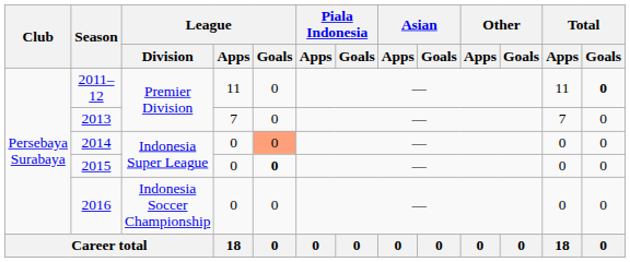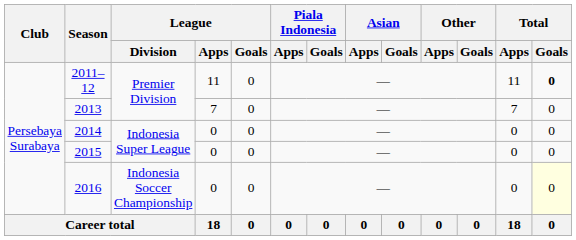 <table class="wikitable" style="text-align: center;">
 <tr>
 <th rowspan="2">Club</th>
 <th rowspan="2">Season</th>
 <th colspan="3">League</th>
 <th colspan="2"><a href='#'>Piala Indonesia</a></th>
 <th colspan="2"><a href='#'>Asian</a></th>
 <th colspan="2">Other</th>
 <th colspan="2">Total</th>
 </tr>
 <tr>
 <th>Division</th>
 <th>Apps</th>
 <th>Goals</th>
 <th>Apps</th>
 <th>Goals</th>
 <th>Apps</th>
 <th>Goals</th>
 <th>Apps</th>
 <th>Goals</th>
 <th>Apps</th>
 <th>Goals</th>
 </tr>
 <tr>
 <td rowspan=5><a href='#'>Persebaya Surabaya</a></td>
 <td><a href='#'>2011–12</a></td>
 <td rowspan=2><a href='#'>Premier Division</a></td>
 <td>11</td>
 <td>0</td>
 <td colspan=6>—</td>
 <td>11</td>
 <td><strong>0</strong></td>
 </tr>
 <tr>
 <td><a href='#'>2013</a></td>
 <td>7</td>
 <td>0</td>
 <td colspan=6>—</td>
 <td>7</td>
 <td>0</td>
 </tr>
 <tr>
 <td><a href='#'>2014</a></td>
 <td rowspan=2><a href='#'>Indonesia Super League</a></td>
 <td>0</td>
-<td style="background: lightsalmon;">0</td>
+<td>0</td>
 <td colspan=6>—</td>
 <td>0</td>
 <td>0</td>
 </tr>
 <tr>
 <td><a href='#'>2015</a></td>
 <td>0</td>
-<td><strong>0</strong></td>
+<td>0</td>
 <td colspan=6>—</td>
 <td>0</td>
 <td>0</td>
 </tr>
 <tr>
 <td><a href='#'>2016</a></td>
 <td><a href='#'>Indonesia Soccer Championship</a></td>
 <td>0</td>
 <td>0</td>
 <td colspan=6>—</td>
 <td>0</td>
-<td>0</td>
+<td style="background: lightyellow;">0</td>
 </tr>
 <tr>
 <th colspan="3">Career total</th>
 <th>18</th>
 <th>0</th>
 <th>0</th>
 <th>0</th>
 <th>0</th>
 <th>0</th>
 <th>0</th>
 <th>0</th>
 <th>18</th>
 <th>0</th>
 </tr>
 </table>
